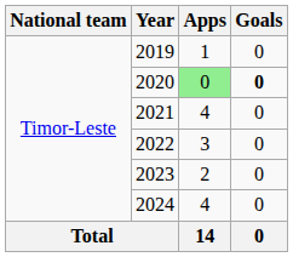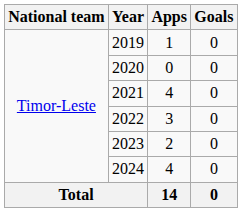 <table class="wikitable" style="text-align:center">
 <tr>
 <th>National team</th>
 <th>Year</th>
 <th>Apps</th>
 <th>Goals</th>
 </tr>
 <tr>
 <td rowspan="6"><a href='#'>Timor-Leste</a></td>
 <td>2019</td>
 <td>1</td>
 <td>0</td>
 </tr>
 <tr>
 <td>2020</td>
-<td style="background: lightgreen;">0</td>
-<td><strong>0</strong></td>
+<td>0</td>
+<td>0</td>
 </tr>
 <tr>
 <td>2021</td>
 <td>4</td>
 <td>0</td>
 </tr>
 <tr>
 <td>2022</td>
 <td>3</td>
 <td>0</td>
 </tr>
 <tr>
 <td>2023</td>
 <td>2</td>
 <td>0</td>
 </tr>
 <tr>
 <td>2024</td>
 <td>4</td>
 <td>0</td>
 </tr>
 <tr>
 <th colspan=2>Total</th>
 <th>14</th>
 <th>0</th>
 </tr>
 </table>
